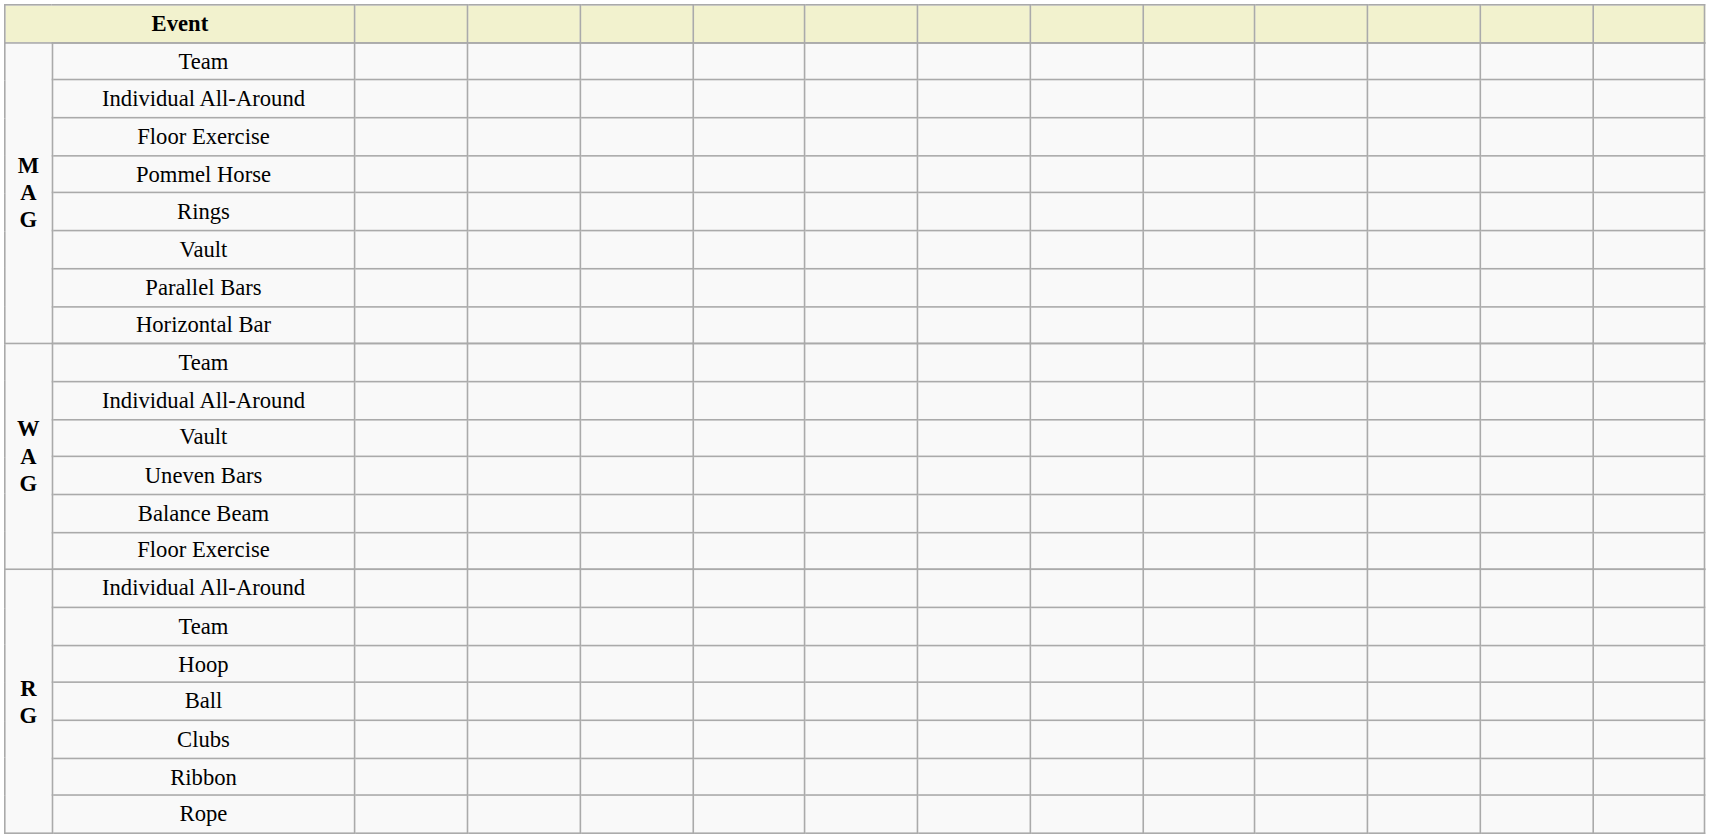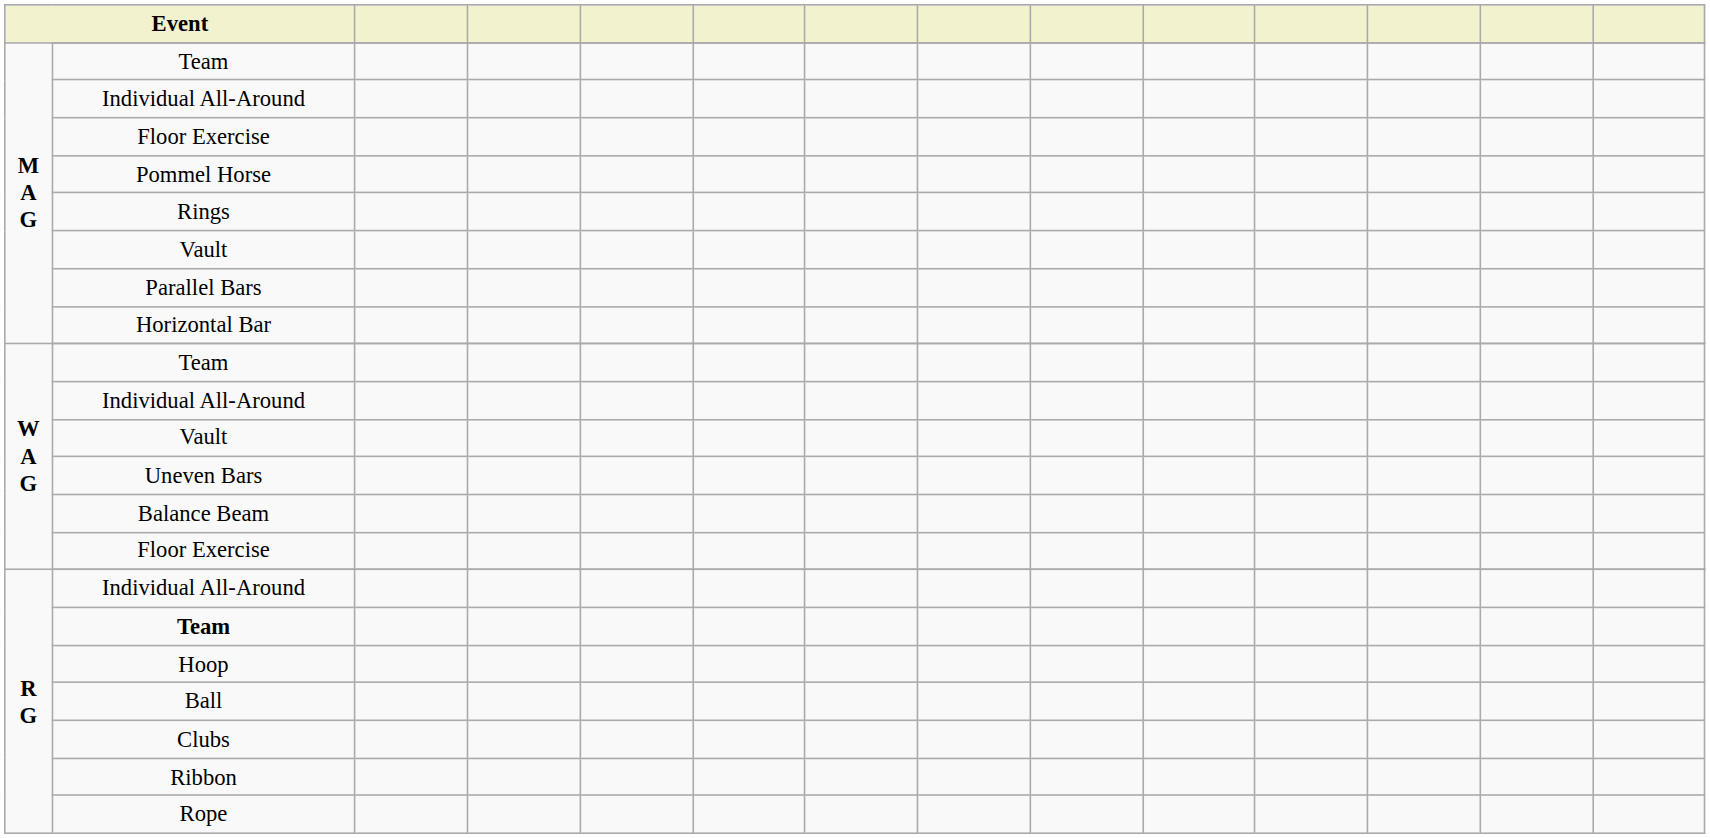 <table class="wikitable" style="margin-top:0em; text-align:center; font-size:89%;">
 <tr>
 <th style="background-color:#f2f2ce; width:15.0em;" colspan=2>Event</th>
 <th style="background-color:#f2f2ce; width:4.5em;"></th>
 <th style="background-color:#f2f2ce; width:4.5em;"></th>
 <th style="background-color:#f2f2ce; width:4.5em;"></th>
 <th style="background-color:#f2f2ce; width:4.5em;"></th>
 <th style="background-color:#f2f2ce; width:4.5em;"></th>
 <th style="background-color:#f2f2ce; width:4.5em;"></th>
 <th style="background-color:#f2f2ce; width:4.5em;"></th>
 <th style="background-color:#f2f2ce; width:4.5em;"></th>
 <th style="background-color:#f2f2ce; width:4.5em;"></th>
 <th style="background-color:#f2f2ce; width:4.5em;"></th>
 <th style="background-color:#f2f2ce; width:4.5em;"></th>
 <th style="background-color:#f2f2ce; width:4.5em;"></th>
 </tr>
 <tr>
 <td rowspan=9 border=0 cellpadding="0" cellspacing="0"><strong>M<br>A<br>G</strong></td>
 </tr>
 <tr>
 <td>Team</td>
 <td></td>
 <td></td>
 <td></td>
 <td></td>
 <td></td>
 <td></td>
 <td></td>
 <td></td>
 <td></td>
 <td></td>
 <td></td>
 <td></td>
 </tr>
 <tr>
 <td>Individual All-Around</td>
 <td></td>
 <td></td>
 <td></td>
 <td></td>
 <td></td>
 <td></td>
 <td></td>
 <td></td>
 <td></td>
 <td></td>
 <td></td>
 <td></td>
 </tr>
 <tr>
 <td>Floor Exercise</td>
 <td></td>
 <td></td>
 <td></td>
 <td></td>
 <td></td>
 <td></td>
 <td></td>
 <td></td>
 <td></td>
 <td></td>
 <td></td>
 <td></td>
 </tr>
 <tr>
 <td>Pommel Horse</td>
 <td></td>
 <td></td>
 <td></td>
 <td></td>
 <td></td>
 <td></td>
 <td></td>
 <td></td>
 <td></td>
 <td></td>
 <td></td>
 <td></td>
 </tr>
 <tr>
 <td>Rings</td>
 <td></td>
 <td></td>
 <td></td>
 <td></td>
 <td></td>
 <td></td>
 <td></td>
 <td></td>
 <td></td>
 <td></td>
 <td></td>
 <td></td>
 </tr>
 <tr>
 <td>Vault</td>
 <td></td>
 <td></td>
 <td></td>
 <td></td>
 <td></td>
 <td></td>
 <td></td>
 <td></td>
 <td></td>
 <td></td>
 <td></td>
 <td></td>
 </tr>
 <tr>
 <td>Parallel Bars</td>
 <td></td>
 <td></td>
 <td></td>
 <td></td>
 <td></td>
 <td></td>
 <td></td>
 <td></td>
 <td></td>
 <td></td>
 <td></td>
 <td></td>
 </tr>
 <tr>
 <td>Horizontal Bar</td>
 <td></td>
 <td></td>
 <td></td>
 <td></td>
 <td></td>
 <td></td>
 <td></td>
 <td></td>
 <td></td>
 <td></td>
 <td></td>
 <td></td>
 </tr>
 <tr>
 <td rowspan=7 border=0 cellpadding="0" cellspacing="0"><strong>W<br>A<br>G</strong></td>
 </tr>
 <tr>
 <td>Team</td>
 <td></td>
 <td></td>
 <td></td>
 <td></td>
 <td></td>
 <td></td>
 <td></td>
 <td></td>
 <td></td>
 <td></td>
 <td></td>
 <td></td>
 </tr>
 <tr>
 <td>Individual All-Around</td>
 <td></td>
 <td></td>
 <td></td>
 <td></td>
 <td></td>
 <td></td>
 <td></td>
 <td></td>
 <td></td>
 <td></td>
 <td></td>
 <td></td>
 </tr>
 <tr>
 <td>Vault</td>
 <td></td>
 <td></td>
 <td></td>
 <td></td>
 <td></td>
 <td></td>
 <td></td>
 <td></td>
 <td></td>
 <td></td>
 <td></td>
 <td></td>
 </tr>
 <tr>
 <td>Uneven Bars</td>
 <td></td>
 <td></td>
 <td></td>
 <td></td>
 <td></td>
 <td></td>
 <td></td>
 <td></td>
 <td></td>
 <td></td>
 <td></td>
 <td></td>
 </tr>
 <tr>
 <td>Balance Beam</td>
 <td></td>
 <td></td>
 <td></td>
 <td></td>
 <td></td>
 <td></td>
 <td></td>
 <td></td>
 <td></td>
 <td></td>
 <td></td>
 <td></td>
 </tr>
 <tr>
 <td>Floor Exercise</td>
 <td></td>
 <td></td>
 <td></td>
 <td></td>
 <td></td>
 <td></td>
 <td></td>
 <td></td>
 <td></td>
 <td></td>
 <td></td>
 <td></td>
 </tr>
 <tr>
 <td rowspan=8 border=0 cellpadding="0" cellspacing="0"><strong>R<br>G</strong></td>
 </tr>
 <tr>
 <td>Individual All-Around</td>
 <td></td>
 <td></td>
 <td></td>
 <td></td>
 <td></td>
 <td></td>
 <td></td>
 <td></td>
 <td></td>
 <td></td>
 <td></td>
 <td></td>
 </tr>
 <tr>
-<td>Team</td>
+<td><strong>Team</strong></td>
 <td></td>
 <td></td>
 <td></td>
 <td></td>
 <td></td>
 <td></td>
 <td></td>
 <td></td>
 <td></td>
 <td></td>
 <td></td>
 <td></td>
 </tr>
 <tr>
 <td>Hoop</td>
 <td></td>
 <td></td>
 <td></td>
 <td></td>
 <td></td>
 <td></td>
 <td></td>
 <td></td>
 <td></td>
 <td></td>
 <td></td>
 <td></td>
 </tr>
 <tr>
 <td>Ball</td>
 <td></td>
 <td></td>
 <td></td>
 <td></td>
 <td></td>
 <td></td>
 <td></td>
 <td></td>
 <td></td>
 <td></td>
 <td></td>
 <td></td>
 </tr>
 <tr>
 <td>Clubs</td>
 <td></td>
 <td></td>
 <td></td>
 <td></td>
 <td></td>
 <td></td>
 <td></td>
 <td></td>
 <td></td>
 <td></td>
 <td></td>
 <td></td>
 </tr>
 <tr>
 <td>Ribbon</td>
 <td></td>
 <td></td>
 <td></td>
 <td></td>
 <td></td>
 <td></td>
 <td></td>
 <td></td>
 <td></td>
 <td></td>
 <td></td>
 <td></td>
 </tr>
 <tr>
 <td>Rope</td>
 <td></td>
 <td></td>
 <td></td>
 <td></td>
 <td></td>
 <td></td>
 <td></td>
 <td></td>
 <td></td>
 <td></td>
 <td></td>
 <td></td>
 </tr>
 </table>
